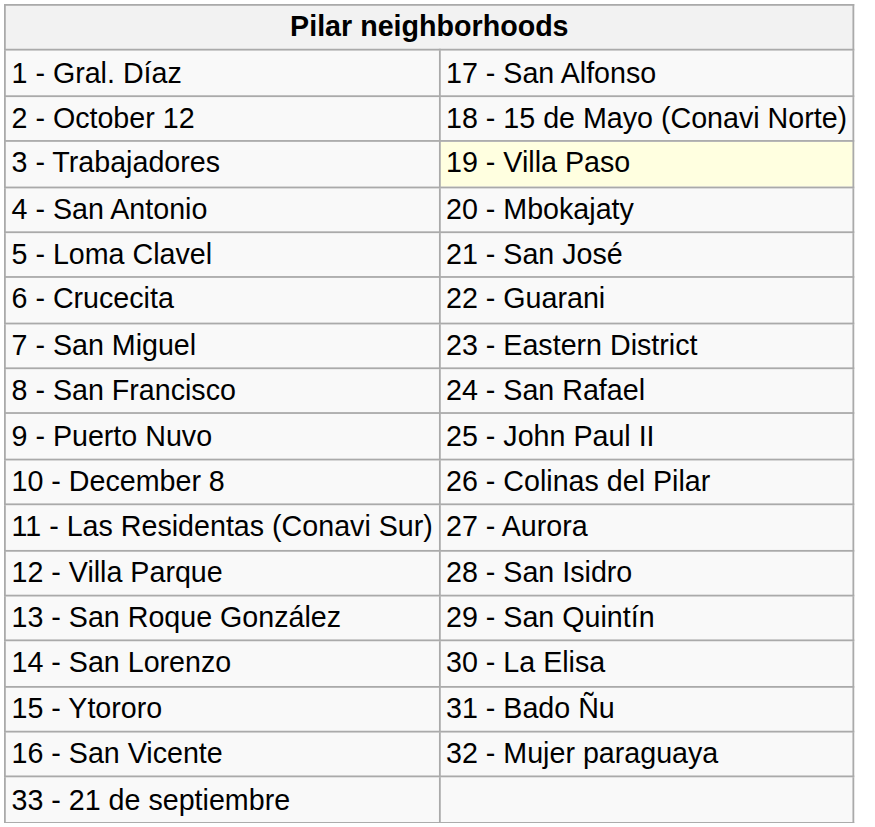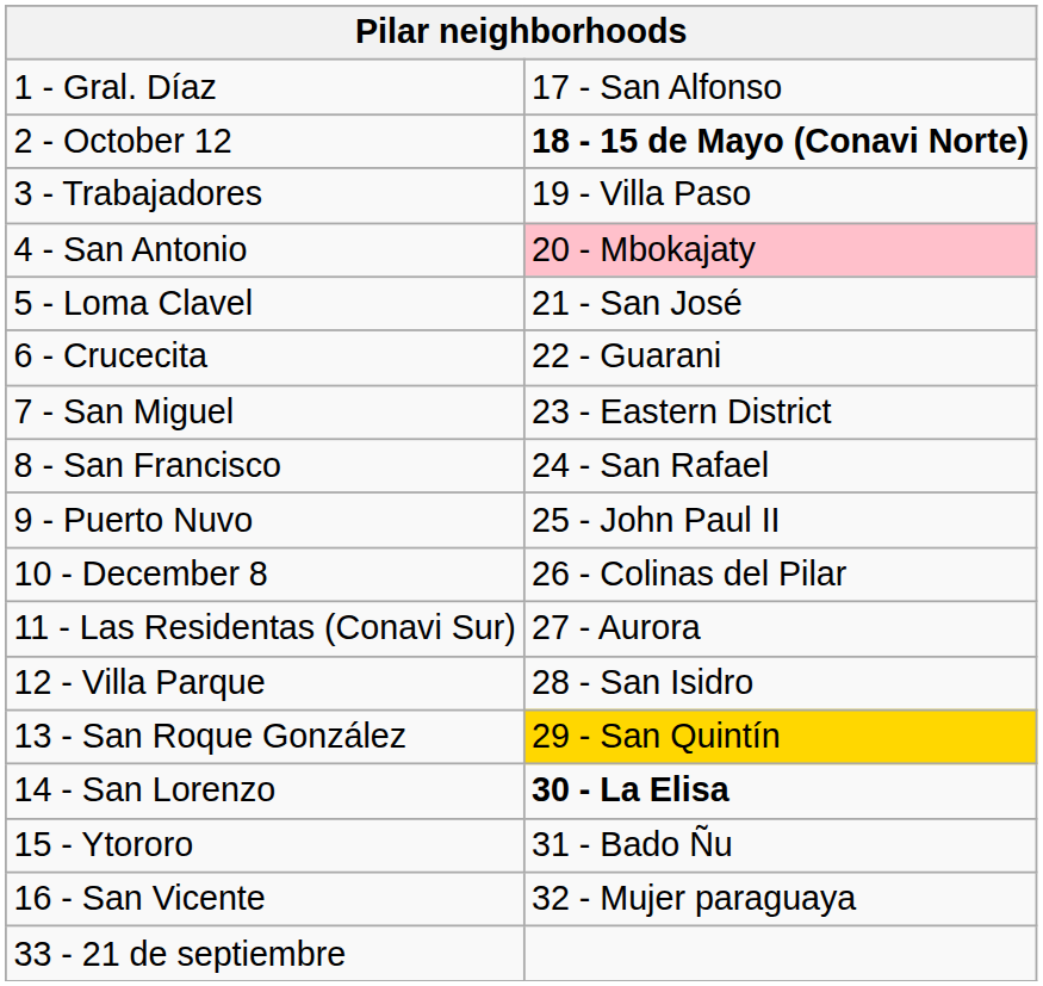 <table class="wikitable">
 <tr>
 <th colspan="2">Pilar neighborhoods</th>
 </tr>
 <tr>
 <td>1 - Gral. Díaz</td>
 <td>17 - San Alfonso</td>
 </tr>
 <tr>
 <td>2 - October 12</td>
-<td>18 - 15 de Mayo (Conavi Norte)</td>
+<td><strong>18 - 15 de Mayo (Conavi Norte)</strong></td>
 </tr>
 <tr>
 <td>3 - Trabajadores</td>
-<td style="background: lightyellow;">19 - Villa Paso</td>
+<td>19 - Villa Paso</td>
 </tr>
 <tr>
 <td>4 - San Antonio</td>
-<td>20 - Mbokajaty</td>
+<td style="background: pink;">20 - Mbokajaty</td>
 </tr>
 <tr>
 <td>5 - Loma Clavel</td>
 <td>21 - San José</td>
 </tr>
 <tr>
 <td>6 - Crucecita</td>
 <td>22 - Guarani</td>
 </tr>
 <tr>
 <td>7 - San Miguel</td>
 <td>23 - Eastern District</td>
 </tr>
 <tr>
 <td>8 - San Francisco</td>
 <td>24 - San Rafael</td>
 </tr>
 <tr>
 <td>9 - Puerto Nuvo</td>
 <td>25 - John Paul II</td>
 </tr>
 <tr>
 <td>10 - December 8</td>
 <td>26 - Colinas del Pilar</td>
 </tr>
 <tr>
 <td>11 - Las Residentas (Conavi Sur)</td>
 <td>27 - Aurora</td>
 </tr>
 <tr>
 <td>12 - Villa Parque</td>
 <td>28 - San Isidro</td>
 </tr>
 <tr>
 <td>13 - San Roque González</td>
-<td>29 - San Quintín</td>
+<td style="background: gold;">29 - San Quintín</td>
 </tr>
 <tr>
 <td>14 - San Lorenzo</td>
-<td>30 - La Elisa</td>
+<td><strong>30 - La Elisa</strong></td>
 </tr>
 <tr>
 <td>15 - Ytororo</td>
 <td>31 - Bado Ñu</td>
 </tr>
 <tr>
 <td>16 - San Vicente</td>
 <td>32 - Mujer paraguaya</td>
 </tr>
 <tr>
 <td>33 - 21 de septiembre</td>
 </tr>
 </table>
